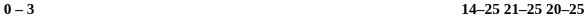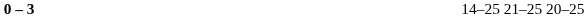 <table width=100% cellspacing=1>
 <tr>
 <th width=20%></th>
 <th width=12%></th>
 <th width=20%></th>
 <th width=33%></th>
 <td></td>
 </tr>
 <tr style=font-size:90%>
 <td align=right></td>
 <td align=center><strong>0 – 3</strong></td>
 <td><strong></strong></td>
-<td><strong>14–25 21–25 20–25</strong></td>
+<td>14–25 21–25 20–25</td>
 </tr>
 </table>
